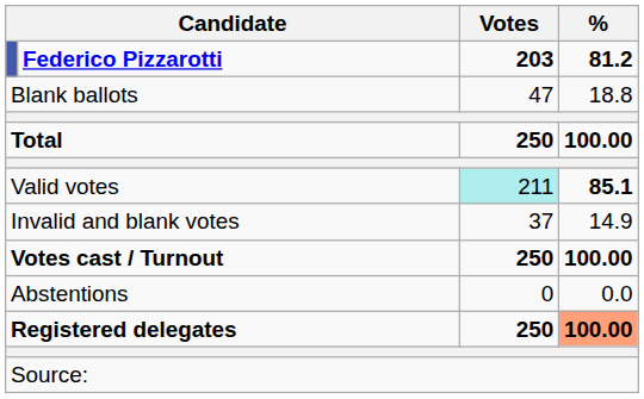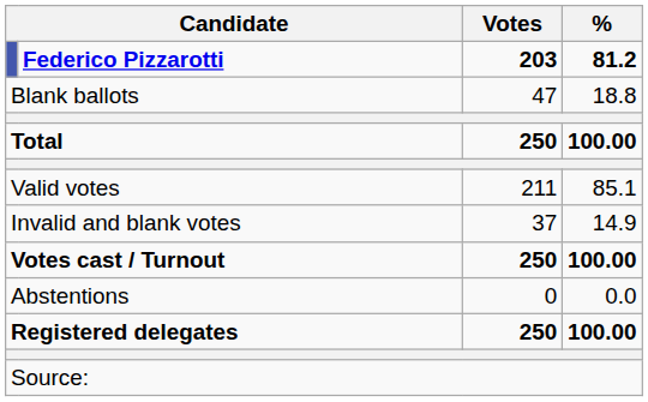 <table class="wikitable" style="text-align:right; font-size:95%;">
 <tr>
 <th colspan="2" width="300">Candidate</th>
 <th width="60">Votes</th>
 <th width="40">%</th>
 </tr>
 <tr>
 <td width="1" style="color:inherit;background:#4357AD"></td>
 <td align="left"><strong><a href='#'>Federico Pizzarotti</a></strong></td>
 <td><strong>203</strong></td>
 <td><strong>81.2</strong></td>
 </tr>
 <tr>
 <td align="left" colspan="2">Blank ballots</td>
 <td>47</td>
 <td>18.8</td>
 </tr>
 <tr>
 <th colspan="4"></th>
 </tr>
 <tr style="font-weight:bold;">
 <td align="left" colspan="2">Total</td>
 <td>250</td>
 <td>100.00</td>
 </tr>
 <tr>
 <th colspan="4"></th>
 </tr>
 <tr>
 <td colspan="2" align=left>Valid votes</td>
-<td style="background: paleturquoise;">211</td>
-<td><strong>85.1</strong></td>
+<td>211</td>
+<td>85.1</td>
 </tr>
 <tr>
 <td colspan="2" align=left>Invalid and blank votes</td>
 <td>37</td>
 <td>14.9</td>
 </tr>
 <tr>
 <td colspan="2" align="left"><strong>Votes cast / Turnout</strong></td>
 <td><strong>250</strong></td>
 <td><strong>100.00</strong></td>
 </tr>
 <tr>
 <td colspan="2" align="left">Abstentions</td>
 <td>0</td>
 <td>0.0</td>
 </tr>
 <tr>
 <td colspan="2" align="left"><strong>Registered delegates</strong></td>
 <td align="right"><strong>250</strong></td>
-<td align="right" style="background: lightsalmon;"><strong>100.00</strong></td>
+<td align="right"><strong>100.00</strong></td>
 </tr>
 <tr>
 <th colspan="4"></th>
 </tr>
 <tr>
 <td colspan="4" align="left">Source: </td>
 </tr>
 </table>
